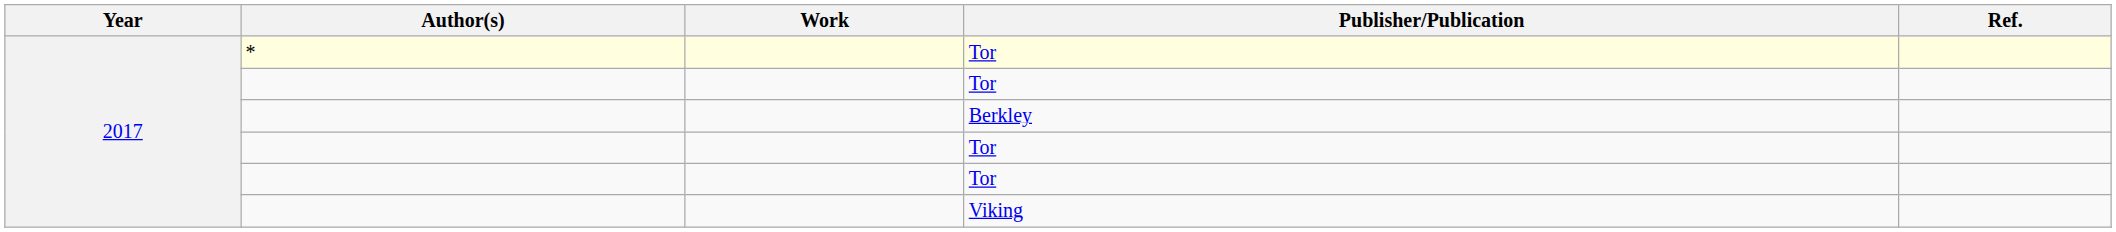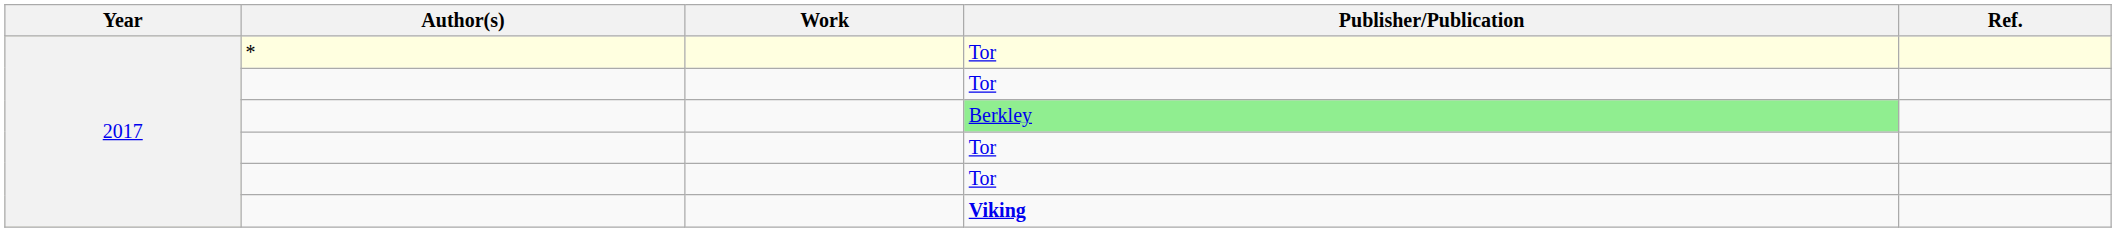 <table class="sortable wikitable" width="85%" cellpadding="5" style="margin: 1em auto 1em auto">
 <tr>
 <th scope="col">Year</th>
 <th scope="col">Author(s)</th>
 <th scope="col">Work</th>
 <th scope="col">Publisher/Publication</th>
 <th class="unsortable">Ref.</th>
 </tr>
 <tr style="background:lightyellow;">
 <th rowspan="6" scope="row" align="center" style="font-weight:normal;"><a href='#'>2017</a></th>
 <td>*</td>
 <td></td>
 <td><a href='#'>Tor</a></td>
 <td align="center"></td>
 </tr>
 <tr>
 <td></td>
 <td></td>
 <td><a href='#'>Tor</a></td>
 <td align="center"></td>
 </tr>
 <tr>
 <td></td>
 <td></td>
-<td><a href='#'>Berkley</a></td>
+<td style="background: lightgreen;"><a href='#'>Berkley</a></td>
 <td align="center"></td>
 </tr>
 <tr>
 <td></td>
 <td></td>
 <td><a href='#'>Tor</a></td>
 <td align="center"></td>
 </tr>
 <tr>
 <td></td>
 <td></td>
 <td><a href='#'>Tor</a></td>
 <td align="center"></td>
 </tr>
 <tr>
 <td></td>
 <td></td>
-<td><a href='#'>Viking</a></td>
+<td><strong><a href='#'>Viking</a></strong></td>
 <td align="center"></td>
 </tr>
 </table>
